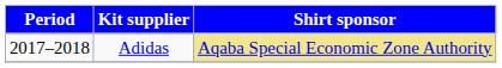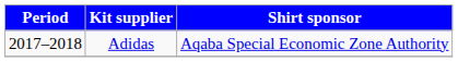 <table class="wikitable"  style="text-align: center;">
 <tr>
 <th style="color:#FFFFFF; background:blue;">Period</th>
 <th style="color:#FFFFFF; background:blue;">Kit supplier</th>
 <th style="color:#FFFFFF; background:blue;">Shirt sponsor</th>
 </tr>
 <tr>
 <td>2017–2018</td>
 <td><a href='#'>Adidas</a></td>
-<td style="background: khaki;"><a href='#'>Aqaba Special Economic Zone Authority</a></td>
+<td><a href='#'>Aqaba Special Economic Zone Authority</a></td>
 </tr>
 <tr>
 </tr>
 </table>
